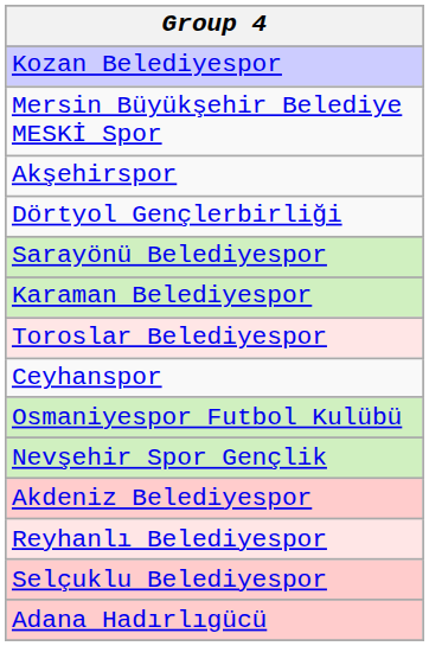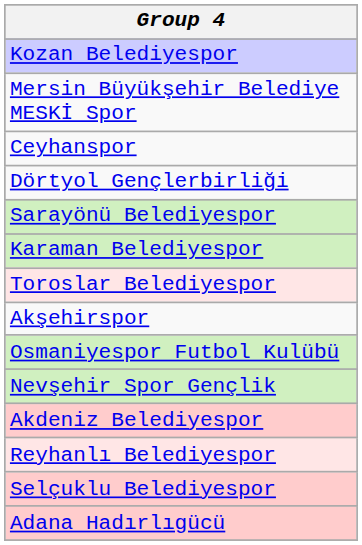 <table class="wikitable collapsible collapsed" style="font-size:95%;">
 <tr>
 <th colspan="1" width="200"><em>Group 4</em></th>
 </tr>
 <tr>
 <td style="background:#ccccff;"><a href='#'>Kozan Belediyespor</a></td>
 </tr>
 <tr>
 <td><a href='#'>Mersin Büyükşehir Belediye MESKİ Spor</a></td>
 </tr>
 <tr>
-<td><a href='#'>Akşehirspor</a></td>
+<td><a href='#'>Ceyhanspor</a></td>
 </tr>
 <tr>
 <td><a href='#'>Dörtyol Gençlerbirliği</a></td>
 </tr>
 <tr>
 <td style="background:#D0F0C0;"><a href='#'>Sarayönü Belediyespor</a></td>
 </tr>
 <tr>
 <td style="background:#D0F0C0;"><a href='#'>Karaman Belediyespor</a></td>
 </tr>
 <tr>
 <td style="background:#FFE6E6;"><a href='#'>Toroslar Belediyespor</a></td>
 </tr>
 <tr>
-<td><a href='#'>Ceyhanspor</a></td>
+<td><a href='#'>Akşehirspor</a></td>
 </tr>
 <tr>
 <td style="background:#D0F0C0;"><a href='#'>Osmaniyespor Futbol Kulübü</a></td>
 </tr>
 <tr>
 <td style="background:#D0F0C0;"><a href='#'>Nevşehir Spor Gençlik</a></td>
 </tr>
 <tr>
 <td style="background:#fcc;"><a href='#'>Akdeniz Belediyespor</a></td>
 </tr>
 <tr>
 <td style="background:#FFE6E6;"><a href='#'>Reyhanlı Belediyespor</a></td>
 </tr>
 <tr>
 <td style="background:#fcc;"><a href='#'>Selçuklu Belediyespor</a></td>
 </tr>
 <tr>
 <td style="background:#fcc;"><a href='#'>Adana Hadırlıgücü</a></td>
 </tr>
 </table>
